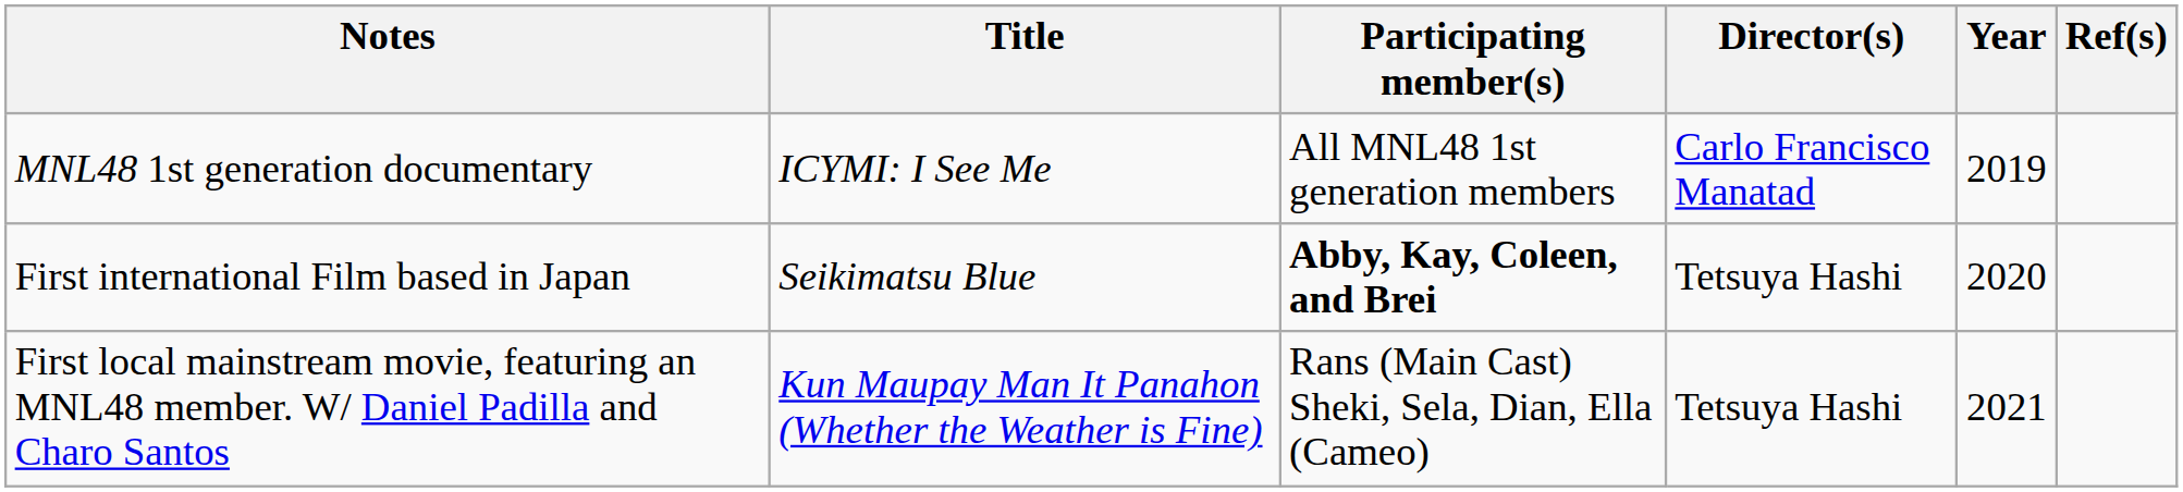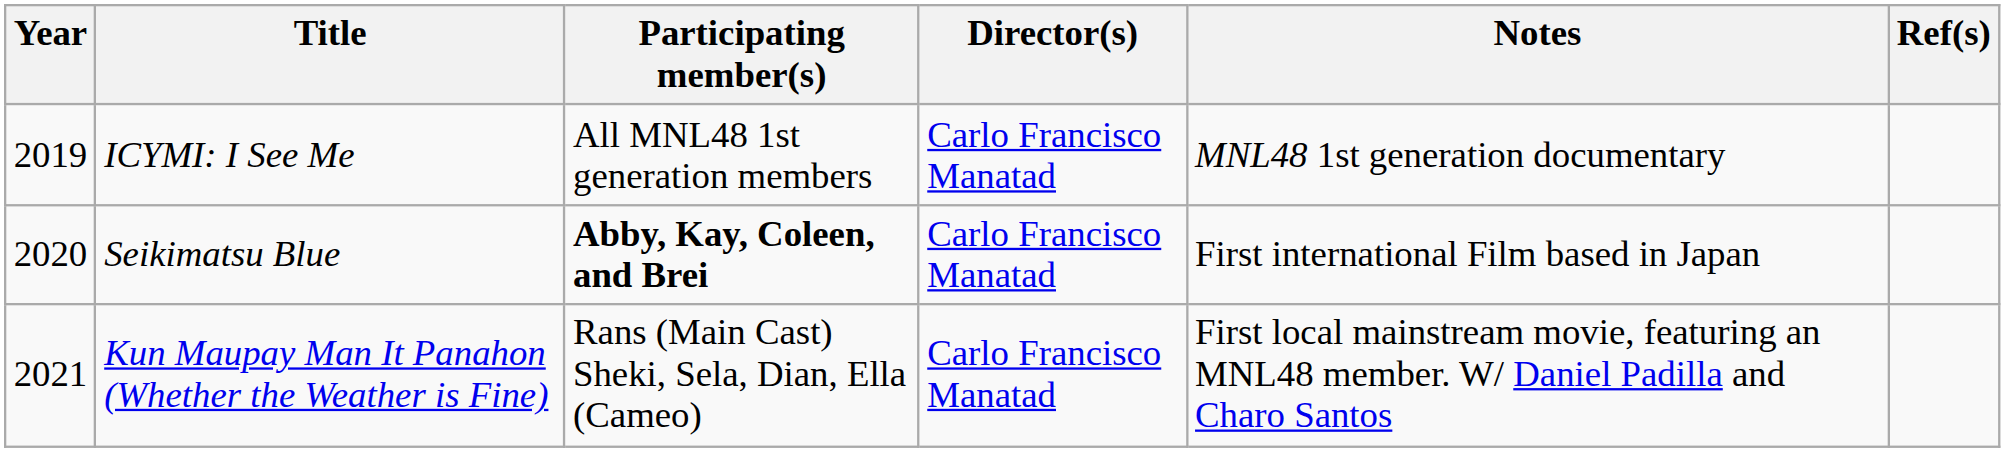 <table class="wikitable" style="text-align:left; ">
 <tr style="vertical-align:top;">
-<th>Notes</th>
+<th>Year</th>
 <th>Title</th>
 <th>Participating member(s)</th>
 <th>Director(s)</th>
-<th>Year</th>
+<th>Notes</th>
 <th>Ref(s)</th>
 </tr>
 <tr>
-<td><em>MNL48</em> 1st generation documentary</td>
+<td>2019</td>
 <td><em>ICYMI: I See Me</em></td>
 <td>All MNL48 1st generation members</td>
 <td><a href='#'>Carlo Francisco Manatad</a></td>
-<td>2019</td>
+<td><em>MNL48</em> 1st generation documentary</td>
 <td></td>
 </tr>
 <tr>
-<td>First international Film based in Japan</td>
+<td>2020</td>
 <td><em>Seikimatsu Blue</em></td>
 <td><strong>Abby, Kay, Coleen, and Brei</strong></td>
-<td>Tetsuya Hashi</td>
-<td>2020</td>
+<td><a href='#'>Carlo Francisco Manatad</a></td>
+<td>First international Film based in Japan</td>
 <td></td>
 </tr>
 <tr>
-<td>First local mainstream movie, featuring an MNL48 member. W/ <a href='#'>Daniel Padilla</a> and <a href='#'>Charo Santos</a></td>
+<td>2021</td>
 <td><em><a href='#'>Kun Maupay Man It Panahon (Whether the Weather is Fine)</a></em></td>
 <td>Rans (Main Cast)<br>Sheki, Sela, Dian, Ella (Cameo)</td>
-<td>Tetsuya Hashi</td>
-<td>2021</td>
+<td><a href='#'>Carlo Francisco Manatad</a></td>
+<td>First local mainstream movie, featuring an MNL48 member. W/ <a href='#'>Daniel Padilla</a> and <a href='#'>Charo Santos</a></td>
 <td></td>
 </tr>
 </table>
